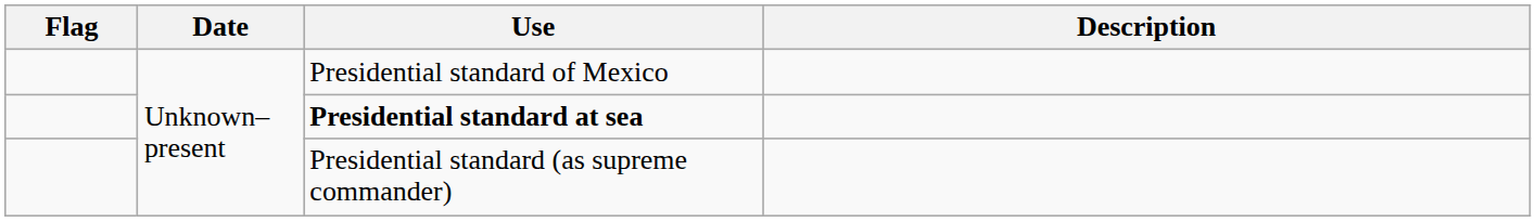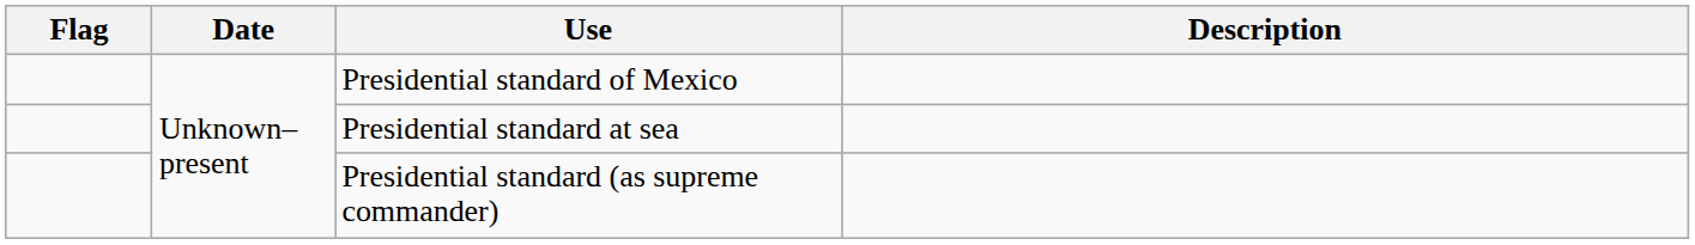 <table class="wikitable">
 <tr>
 <th width="100">Flag</th>
 <th width="100">Date</th>
 <th width="400">Use</th>
 <th width="725">Description</th>
 </tr>
 <tr>
 <td></td>
 <td rowspan="3">Unknown–present</td>
 <td>Presidential standard of Mexico</td>
 <td></td>
 </tr>
 <tr>
 <td></td>
-<td><strong>Presidential standard at sea</strong></td>
+<td>Presidential standard at sea</td>
 <td></td>
 </tr>
 <tr>
 <td></td>
 <td>Presidential standard (as supreme commander)</td>
 <td></td>
 </tr>
 </table>
